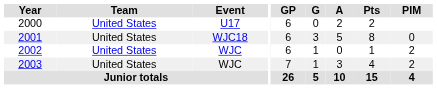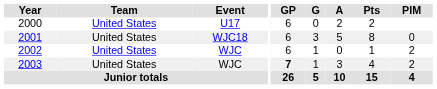 <table border="0" cellpadding="1" cellspacing="0" ID="Table3" style="text-align:center; width:40em">
 <tr ALIGN="center" bgcolor="#e0e0e0">
 <th>Year</th>
 <th>Team</th>
 <th>Event</th>
 <th rowspan="99" bgcolor="#ffffff"></th>
 <th>GP</th>
 <th>G</th>
 <th>A</th>
 <th>Pts</th>
 <th>PIM</th>
 </tr>
 <tr>
 <td>2000</td>
 <td><a href='#'>United States</a></td>
 <td><a href='#'>U17</a></td>
 <td>6</td>
 <td>0</td>
 <td>2</td>
 <td>2</td>
 <td></td>
 </tr>
 <tr bgcolor="#f0f0f0">
 <td><a href='#'>2001</a></td>
 <td>United States</td>
 <td><a href='#'>WJC18</a></td>
 <td>6</td>
 <td>3</td>
 <td>5</td>
 <td>8</td>
 <td>0</td>
 </tr>
 <tr>
 <td><a href='#'>2002</a></td>
 <td><a href='#'>United States</a></td>
 <td><a href='#'>WJC</a></td>
 <td>6</td>
 <td>1</td>
 <td>0</td>
 <td>1</td>
 <td>2</td>
 </tr>
 <tr bgcolor="#f0f0f0">
 <td><a href='#'>2003</a></td>
 <td>United States</td>
 <td>WJC</td>
-<td>7</td>
+<td><strong>7</strong></td>
 <td>1</td>
 <td>3</td>
 <td>4</td>
 <td>2</td>
 </tr>
 <tr bgcolor="#e0e0e0">
 <th colspan="3">Junior totals</th>
 <th>26</th>
 <th>5</th>
 <th>10</th>
 <th>15</th>
 <th>4</th>
 </tr>
 </table>
